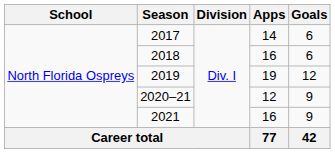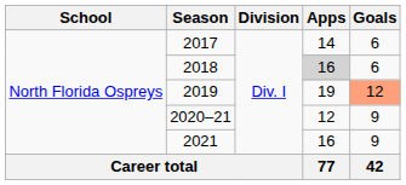 <table class="wikitable" style="text-align: center;">
 <tr>
 <th>School</th>
 <th>Season</th>
 <th>Division</th>
 <th>Apps</th>
 <th>Goals</th>
 </tr>
 <tr>
 <td rowspan="5"><a href='#'>North Florida Ospreys</a></td>
 <td>2017</td>
 <td rowspan="5"><a href='#'>Div. I</a></td>
 <td>14</td>
 <td>6</td>
 </tr>
 <tr>
 <td>2018</td>
-<td>16</td>
+<td style="background: lightgrey;">16</td>
 <td>6</td>
 </tr>
 <tr>
 <td>2019</td>
 <td>19</td>
-<td>12</td>
+<td style="background: lightsalmon;">12</td>
 </tr>
 <tr>
 <td>2020–21</td>
 <td>12</td>
 <td>9</td>
 </tr>
 <tr>
 <td>2021</td>
 <td>16</td>
 <td>9</td>
 </tr>
 <tr>
 <th colspan="3">Career total</th>
 <th>77</th>
 <th>42</th>
 </tr>
 </table>
